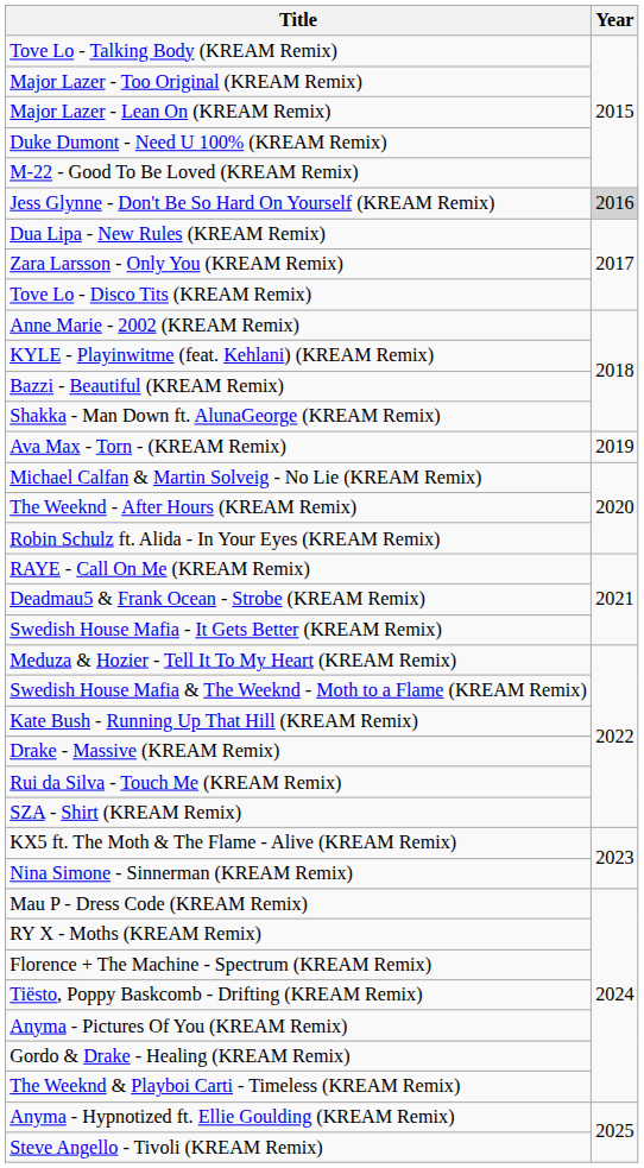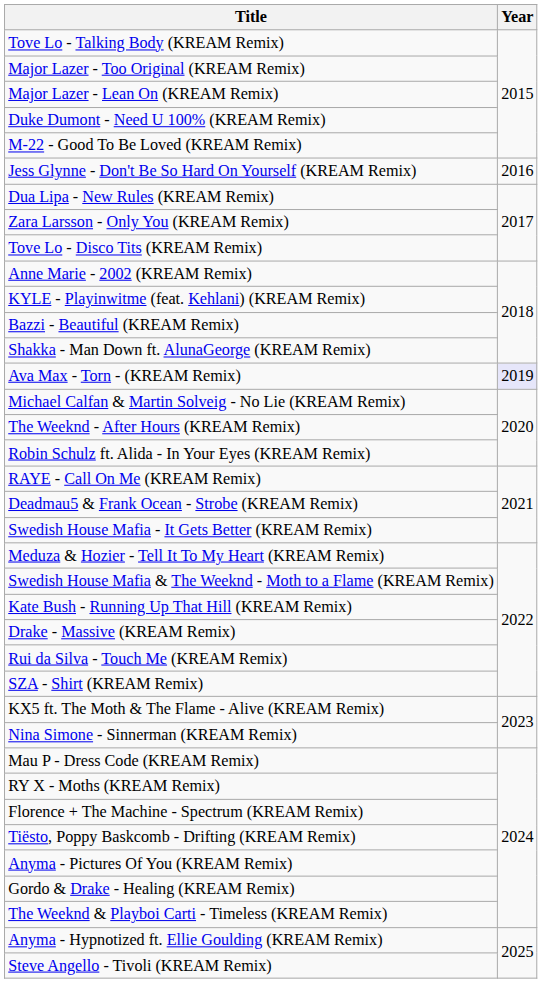 <table class="wikitable">
 <tr>
 <th>Title</th>
 <th>Year</th>
 </tr>
 <tr>
 <td><a href='#'>Tove Lo</a> - <a href='#'>Talking Body</a> (KREAM Remix)</td>
 <td rowspan="5">2015</td>
 </tr>
 <tr>
 <td><a href='#'>Major Lazer</a> - <a href='#'>Too Original</a> (KREAM Remix)</td>
 </tr>
 <tr>
 <td><a href='#'>Major Lazer</a> - <a href='#'>Lean On</a> (KREAM Remix)</td>
 </tr>
 <tr>
 <td><a href='#'>Duke Dumont</a> - <a href='#'>Need U 100%</a> (KREAM Remix)</td>
 </tr>
 <tr>
 <td><a href='#'>M-22</a> - Good To Be Loved (KREAM Remix)</td>
 </tr>
 <tr>
 <td><a href='#'>Jess Glynne</a> - <a href='#'>Don't Be So Hard On Yourself</a> (KREAM Remix)</td>
-<td style="background: lightgrey;">2016</td>
+<td>2016</td>
 </tr>
 <tr>
 <td><a href='#'>Dua Lipa</a> - <a href='#'>New Rules</a> (KREAM Remix)</td>
 <td rowspan="3">2017</td>
 </tr>
 <tr>
 <td><a href='#'>Zara Larsson</a> - <a href='#'>Only You</a> (KREAM Remix)</td>
 </tr>
 <tr>
 <td><a href='#'>Tove Lo</a> - <a href='#'>Disco Tits</a> (KREAM Remix)</td>
 </tr>
 <tr>
 <td><a href='#'>Anne Marie</a> - <a href='#'>2002</a> (KREAM Remix)</td>
 <td rowspan="4">2018</td>
 </tr>
 <tr>
 <td><a href='#'>KYLE</a> - <a href='#'>Playinwitme</a> (feat. <a href='#'>Kehlani</a>) (KREAM Remix)</td>
 </tr>
 <tr>
 <td><a href='#'>Bazzi</a> - <a href='#'>Beautiful</a> (KREAM Remix)</td>
 </tr>
 <tr>
 <td><a href='#'>Shakka</a> - Man Down ft. <a href='#'>AlunaGeorge</a> (KREAM Remix)</td>
 </tr>
 <tr>
 <td><a href='#'>Ava Max</a> - <a href='#'>Torn</a> - (KREAM Remix)</td>
-<td>2019</td>
+<td style="background: lavender;">2019</td>
 </tr>
 <tr>
 <td><a href='#'>Michael Calfan</a> & <a href='#'>Martin Solveig</a> - No Lie (KREAM Remix)</td>
 <td rowspan="3">2020</td>
 </tr>
 <tr>
 <td><a href='#'>The Weeknd</a> - <a href='#'>After Hours</a> (KREAM Remix)</td>
 </tr>
 <tr>
 <td><a href='#'>Robin Schulz</a> ft. Alida - In Your Eyes (KREAM Remix)</td>
 </tr>
 <tr>
 <td><a href='#'>RAYE</a> - <a href='#'>Call On Me</a> (KREAM Remix)</td>
 <td rowspan="3">2021</td>
 </tr>
 <tr>
 <td><a href='#'>Deadmau5</a> & <a href='#'>Frank Ocean</a> - <a href='#'>Strobe</a> (KREAM Remix)</td>
 </tr>
 <tr>
 <td><a href='#'>Swedish House Mafia</a> - <a href='#'>It Gets Better</a> (KREAM Remix)</td>
 </tr>
 <tr>
 <td><a href='#'>Meduza</a> & <a href='#'>Hozier</a> - <a href='#'>Tell It To My Heart</a> (KREAM Remix)</td>
 <td rowspan="6">2022</td>
 </tr>
 <tr>
 <td><a href='#'>Swedish House Mafia</a> & <a href='#'>The Weeknd</a> - <a href='#'>Moth to a Flame</a> (KREAM Remix)</td>
 </tr>
 <tr>
 <td><a href='#'>Kate Bush</a> - <a href='#'>Running Up That Hill</a> (KREAM Remix)</td>
 </tr>
 <tr>
 <td><a href='#'>Drake</a> - <a href='#'>Massive</a> (KREAM Remix)</td>
 </tr>
 <tr>
 <td><a href='#'>Rui da Silva</a> - <a href='#'>Touch Me</a> (KREAM Remix)</td>
 </tr>
 <tr>
 <td><a href='#'>SZA</a> - <a href='#'>Shirt</a> (KREAM Remix)</td>
 </tr>
 <tr>
 <td>KX5 ft. The Moth & The Flame - Alive (KREAM Remix)</td>
 <td rowspan="2">2023</td>
 </tr>
 <tr>
 <td><a href='#'>Nina Simone</a> - Sinnerman (KREAM Remix)</td>
 </tr>
 <tr>
 <td>Mau P - Dress Code (KREAM Remix)</td>
 <td rowspan="7">2024</td>
 </tr>
 <tr>
 <td>RY X - Moths (KREAM Remix)</td>
 </tr>
 <tr>
 <td>Florence + The Machine - Spectrum (KREAM Remix)</td>
 </tr>
 <tr>
 <td><a href='#'>Tiësto</a>, Poppy Baskcomb - Drifting (KREAM Remix)</td>
 </tr>
 <tr>
 <td><a href='#'>Anyma</a> - Pictures Of You (KREAM Remix)</td>
 </tr>
 <tr>
 <td>Gordo & <a href='#'>Drake</a> - Healing (KREAM Remix)</td>
 </tr>
 <tr>
 <td><a href='#'>The Weeknd</a> & <a href='#'>Playboi Carti</a> - Timeless (KREAM Remix)</td>
 </tr>
 <tr>
 <td><a href='#'>Anyma</a> - Hypnotized ft. <a href='#'>Ellie Goulding</a> (KREAM Remix)</td>
 <td rowspan="2">2025</td>
 </tr>
 <tr>
 <td><a href='#'>Steve Angello</a> - Tivoli (KREAM Remix)</td>
 </tr>
 </table>
